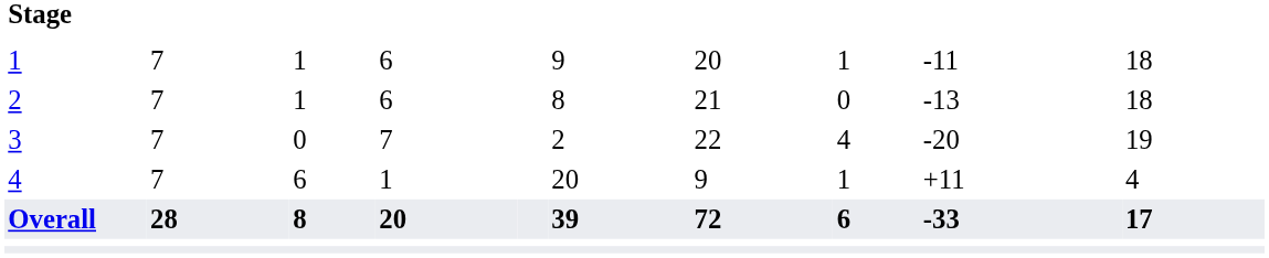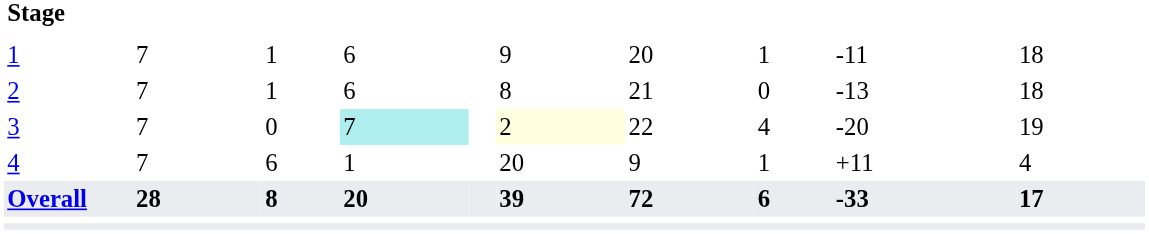 <table class="toccolours" border=0 cellpadding="2" cellspacing="0" style="font-size:95%; text-align:left; width:700px;">
 <tr align="left" style="background:#">
 <th style="width:75px">Stage</th>
 <th></th>
 <th></th>
 <th></th>
 <th></th>
 <th></th>
 <th></th>
 <th></th>
 <th></th>
 <th></th>
 </tr>
 <tr>
 <td colspan = "10"></td>
 </tr>
 <tr>
 </tr>
 <tr style="">
 <td><a href='#'>1</a></td>
 <td>7</td>
 <td>1</td>
 <td>6</td>
 <td></td>
 <td>9</td>
 <td>20</td>
 <td>1</td>
 <td>-11</td>
 <td>18</td>
 </tr>
 <tr>
 <td><a href='#'>2</a></td>
 <td>7</td>
 <td>1</td>
 <td>6</td>
 <td></td>
 <td>8</td>
 <td>21</td>
 <td>0</td>
 <td>-13</td>
 <td>18</td>
 </tr>
 <tr>
 <td><a href='#'>3</a></td>
 <td>7</td>
 <td>0</td>
-<td>7</td>
+<td style="background: paleturquoise;">7</td>
 <td></td>
-<td>2</td>
+<td style="background: lightyellow;">2</td>
 <td>22</td>
 <td>4</td>
 <td>-20</td>
 <td>19</td>
 </tr>
 <tr>
 <td><a href='#'>4</a></td>
 <td>7</td>
 <td>6</td>
 <td>1</td>
 <td></td>
 <td>20</td>
 <td>9</td>
 <td>1</td>
 <td>+11</td>
 <td>4</td>
 </tr>
 <tr style="background-color:#EAECF0;">
 <th><a href='#'>Overall</a></th>
 <th>28</th>
 <th>8</th>
 <th>20</th>
 <th></th>
 <th>39</th>
 <th>72</th>
 <th>6</th>
 <th>-33</th>
 <th>17</th>
 </tr>
 <tr>
 <td colspan="10"></td>
 </tr>
 <tr align="left" style="background:#EAECF0; color:#000;">
 <td colspan="10" style="text-align:center;"> </td>
 </tr>
 </table>
